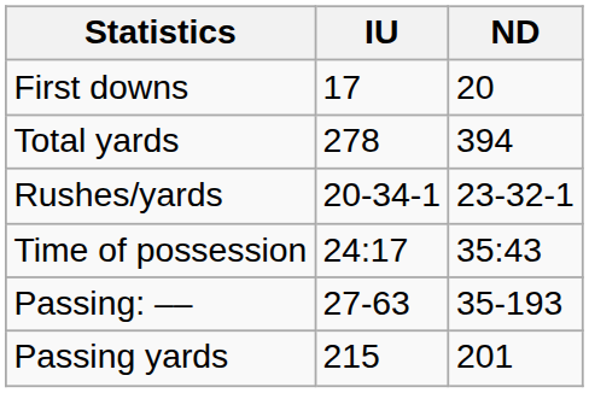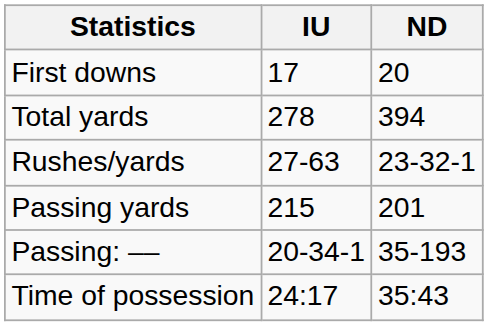 <table class="wikitable" style="float:left">
 <tr>
 <th>Statistics</th>
 <th>IU</th>
 <th>ND</th>
 </tr>
 <tr>
 <td>First downs</td>
 <td>17</td>
 <td>20</td>
 </tr>
 <tr>
 <td>Total yards</td>
 <td>278</td>
 <td>394</td>
 </tr>
 <tr>
 <td>Rushes/yards</td>
+<td>27-63</td>
+<td>23-32-1</td>
+</tr>
+<tr>
+<td>Passing yards</td>
+<td>215</td>
+<td>201</td>
+</tr>
+<tr>
+<td>Passing: ––</td>
 <td>20-34-1</td>
-<td>23-32-1</td>
+<td>35-193</td>
 </tr>
 <tr>
 <td>Time of possession</td>
 <td>24:17</td>
 <td>35:43</td>
 </tr>
-<tr>
-<td>Passing: ––</td>
-<td>27-63</td>
-<td>35-193</td>
-</tr>
-<tr>
-<td>Passing yards</td>
-<td>215</td>
-<td>201</td>
-</tr>
 </table>
